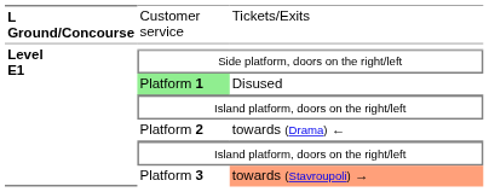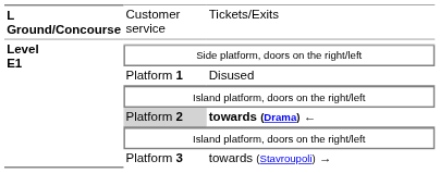 <table table border=0 cellspacing=0 cellpadding=3>
 <tr>
 <td style="border-bottom:solid 1px gray;border-top:solid 2px gray;" width=50 valign=top><strong>L<br>Ground/Concourse</strong></td>
 <td style="border-top:solid 1px gray;border-bottom:solid 1px gray;" width=100 valign=top>Customer service</td>
 <td style="border-top:solid 1px gray;border-bottom:solid 1px gray;" width=285 valign=top>Tickets/Exits</td>
 </tr>
 <tr>
 <td style="border-bottom:solid 2px gray;" rowspan=15 valign=top><strong>Level<br>Ε1</strong></td>
 <td style="border-bottom:solid 1px gray;"></td>
 <td style="border-bottom:solid 1px gray;"></td>
 </tr>
 <tr>
 <td style="border-top:solid 1px gray;border-right:solid 2px gray;border-left:solid 2px gray;border-bottom:solid 2px gray;text-align:center;" colspan=2><small>Side platform, doors on the right/left</small></td>
 </tr>
 <tr>
-<td style="background: lightgreen; border-bottom:solid 1px gray;">Platform <span><strong>1</strong></span></td>
+<td style="border-bottom:solid 1px gray;">Platform <span><strong>1</strong></span></td>
 <td style="border-bottom:solid 1px gray;">Disused</td>
 </tr>
 <tr>
 <td style="border-top:solid 2px gray;border-right:solid 2px gray;border-left:solid 2px gray;border-bottom:solid 2px gray;text-align:center;" colspan=2><small>Island platform, doors on the right/left</small></td>
 </tr>
 <tr>
-<td style="border-bottom:solid 1px gray;">Platform <span><strong>2</strong></span></td>
-<td style="border-bottom:solid 1px gray;"> towards  <small>(<a href='#'>Drama</a>)</small> ←</td>
+<td style="background: lightgrey; border-bottom:solid 1px gray;">Platform <span><strong>2</strong></span></td>
+<td style="border-bottom:solid 1px gray;"><strong> towards  <small>(<a href='#'>Drama</a>)</small> ←</strong></td>
 </tr>
 <tr>
 <td style="border-top:solid 2px gray;border-right:solid 2px gray;border-left:solid 2px gray;border-bottom:solid 2px gray;text-align:center;" colspan=2><small>Island platform, doors on the right/left</small></td>
 </tr>
 <tr>
 <td>Platform <span><strong>3</strong></span></td>
-<td style="background: lightsalmon;"> towards  <small>(<a href='#'>Stavroupoli</a>)</small> →</td>
+<td> towards  <small>(<a href='#'>Stavroupoli</a>)</small> →</td>
 </tr>
 <tr>
 </tr>
 </table>
